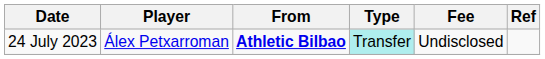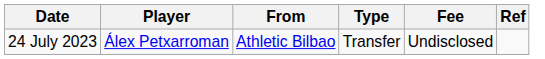 <table class="wikitable">
 <tr>
 <th>Date</th>
 <th>Player</th>
 <th>From</th>
 <th>Type</th>
 <th>Fee</th>
 <th>Ref</th>
 </tr>
 <tr>
 <td>24 July 2023</td>
 <td> <a href='#'>Álex Petxarroman</a></td>
-<td><strong><a href='#'>Athletic Bilbao</a></strong></td>
-<td style="background: paleturquoise;">Transfer</td>
+<td><a href='#'>Athletic Bilbao</a></td>
+<td>Transfer</td>
 <td>Undisclosed</td>
 <td></td>
 </tr>
 <tr>
 </tr>
 </table>
